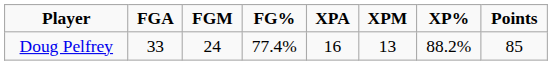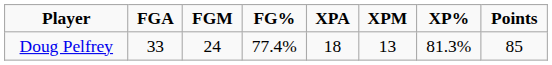 <table class="wikitable" width="80%">
 <tr align="center">
 <td><strong>Player</strong></td>
 <td><strong>FGA</strong></td>
 <td><strong>FGM</strong></td>
 <td><strong>FG%</strong></td>
 <td><strong>XPA</strong></td>
 <td><strong>XPM</strong></td>
 <td><strong>XP%</strong></td>
 <td><strong>Points</strong></td>
 </tr>
 <tr align="center" bgcolor="">
 <td><a href='#'>Doug Pelfrey</a></td>
 <td>33</td>
 <td>24</td>
 <td>77.4%</td>
-<td>16</td>
+<td>18</td>
 <td>13</td>
-<td>88.2%</td>
+<td>81.3%</td>
 <td>85</td>
 </tr>
 </table>
